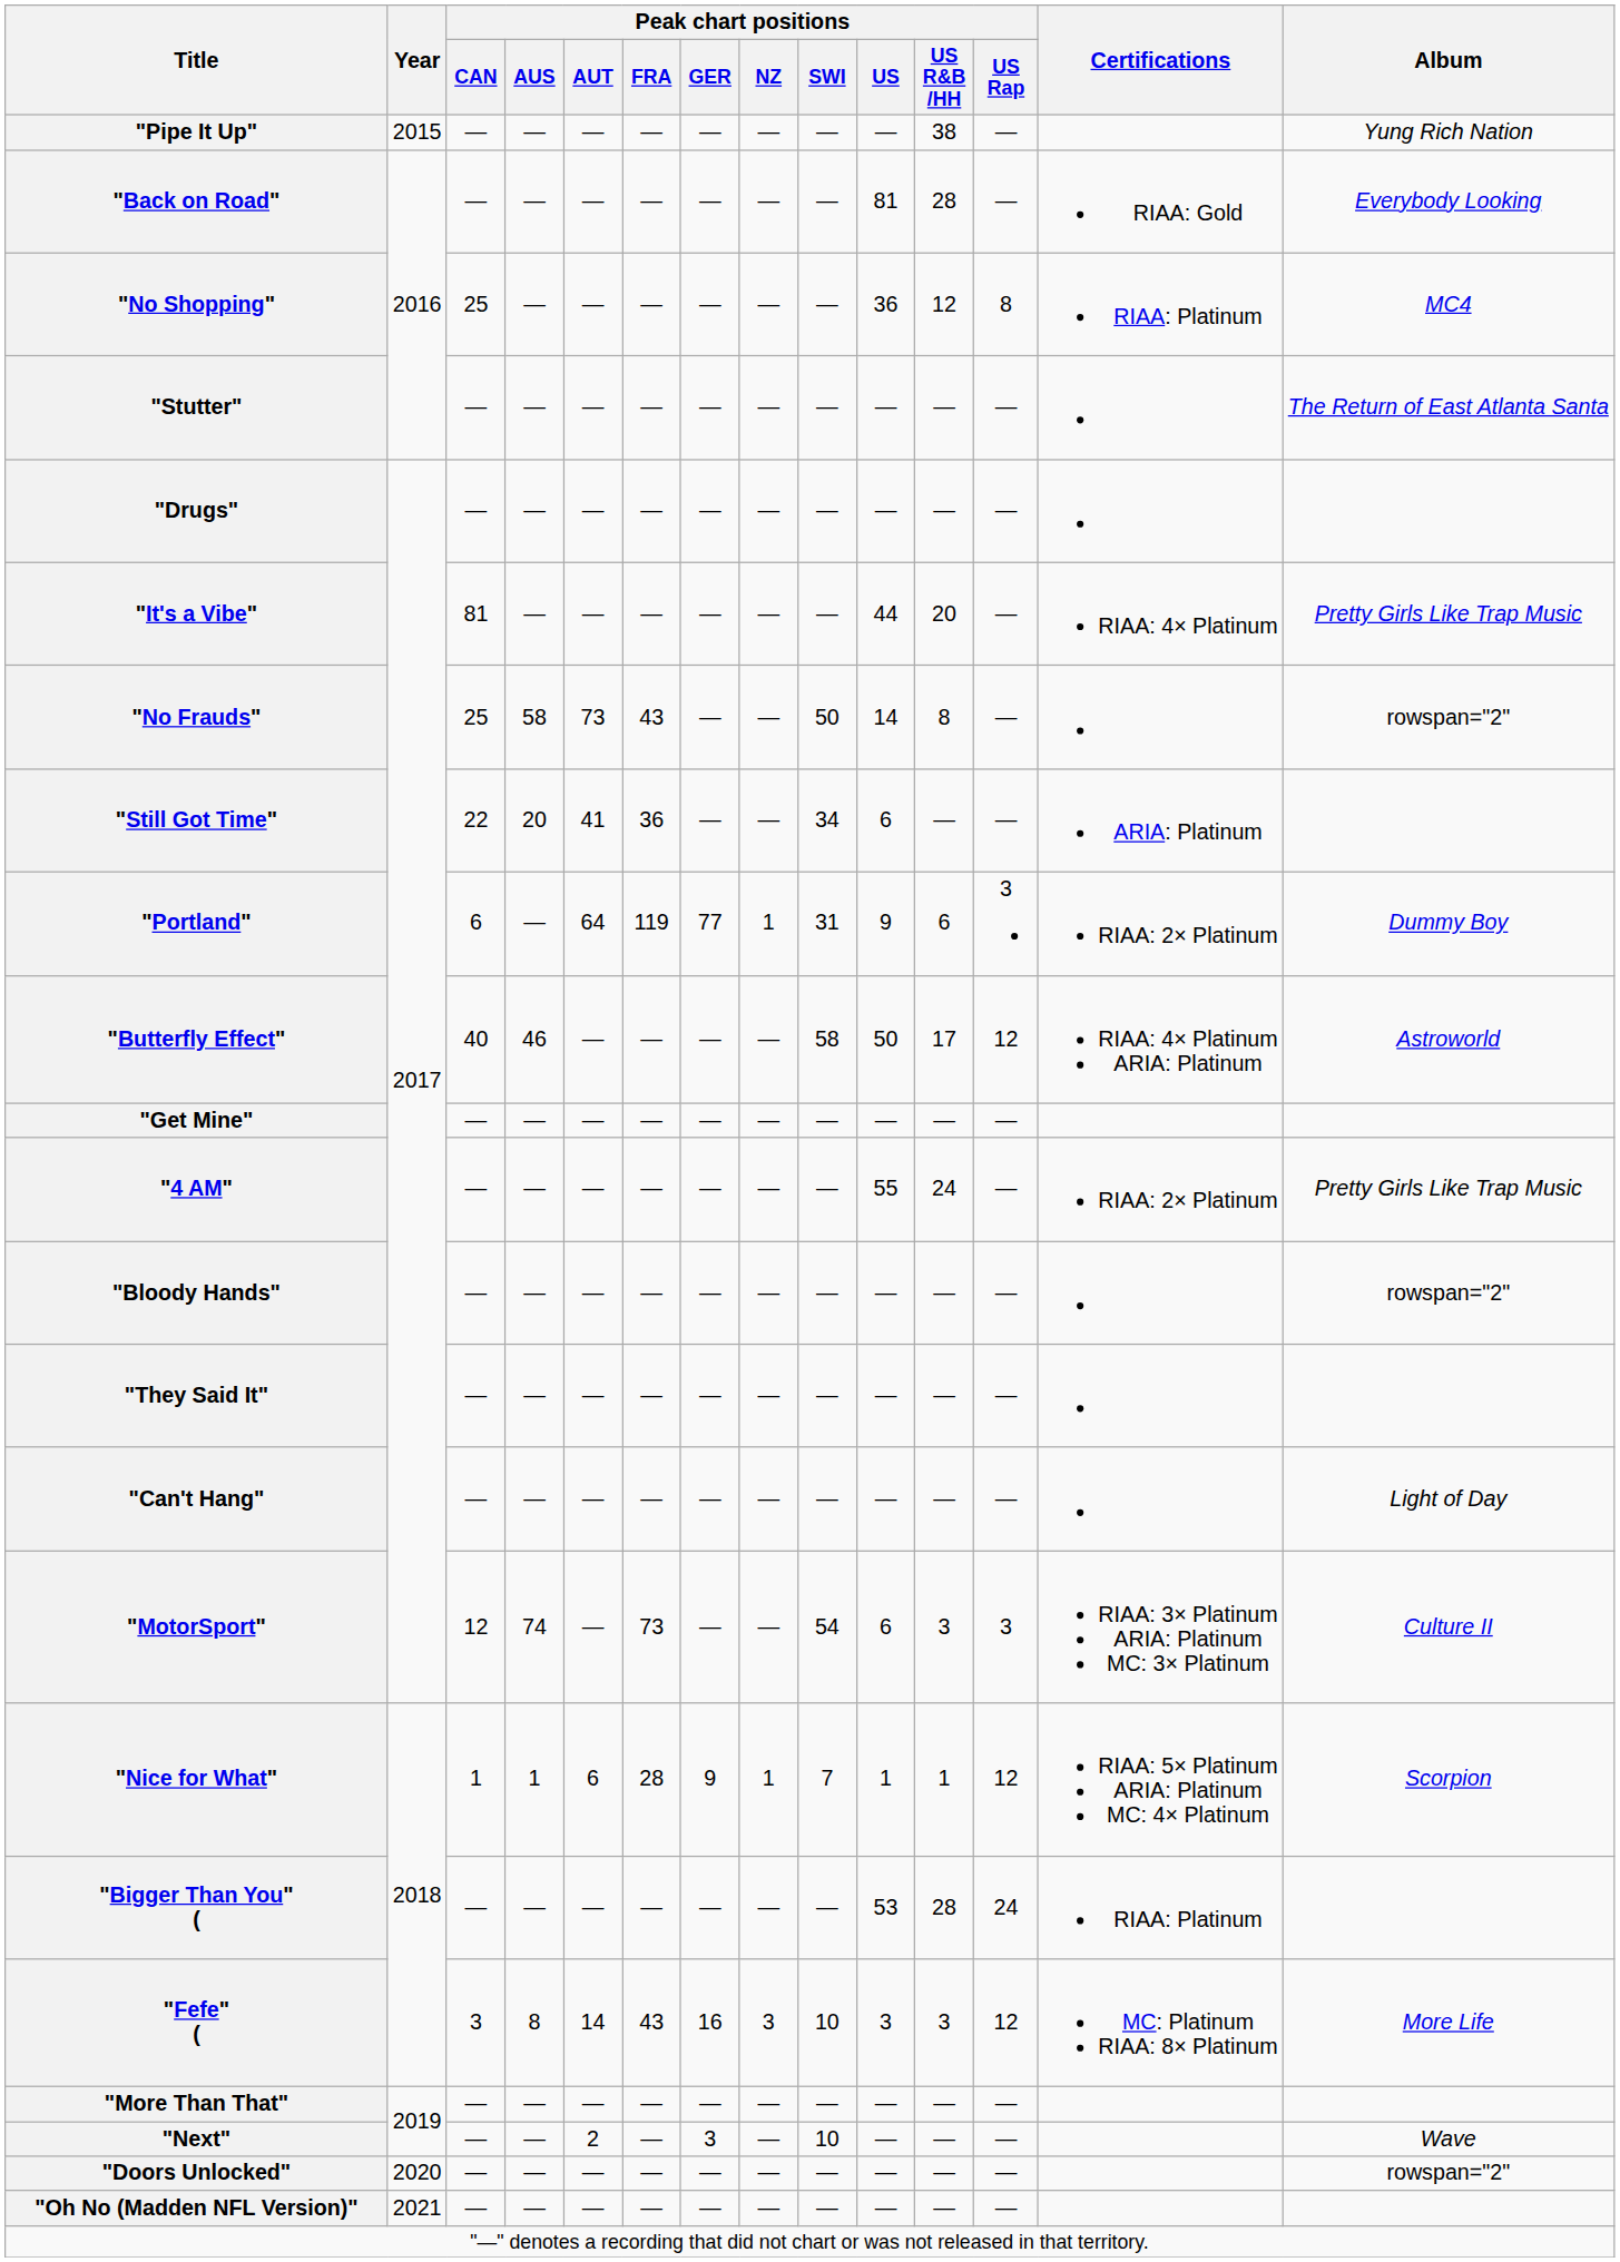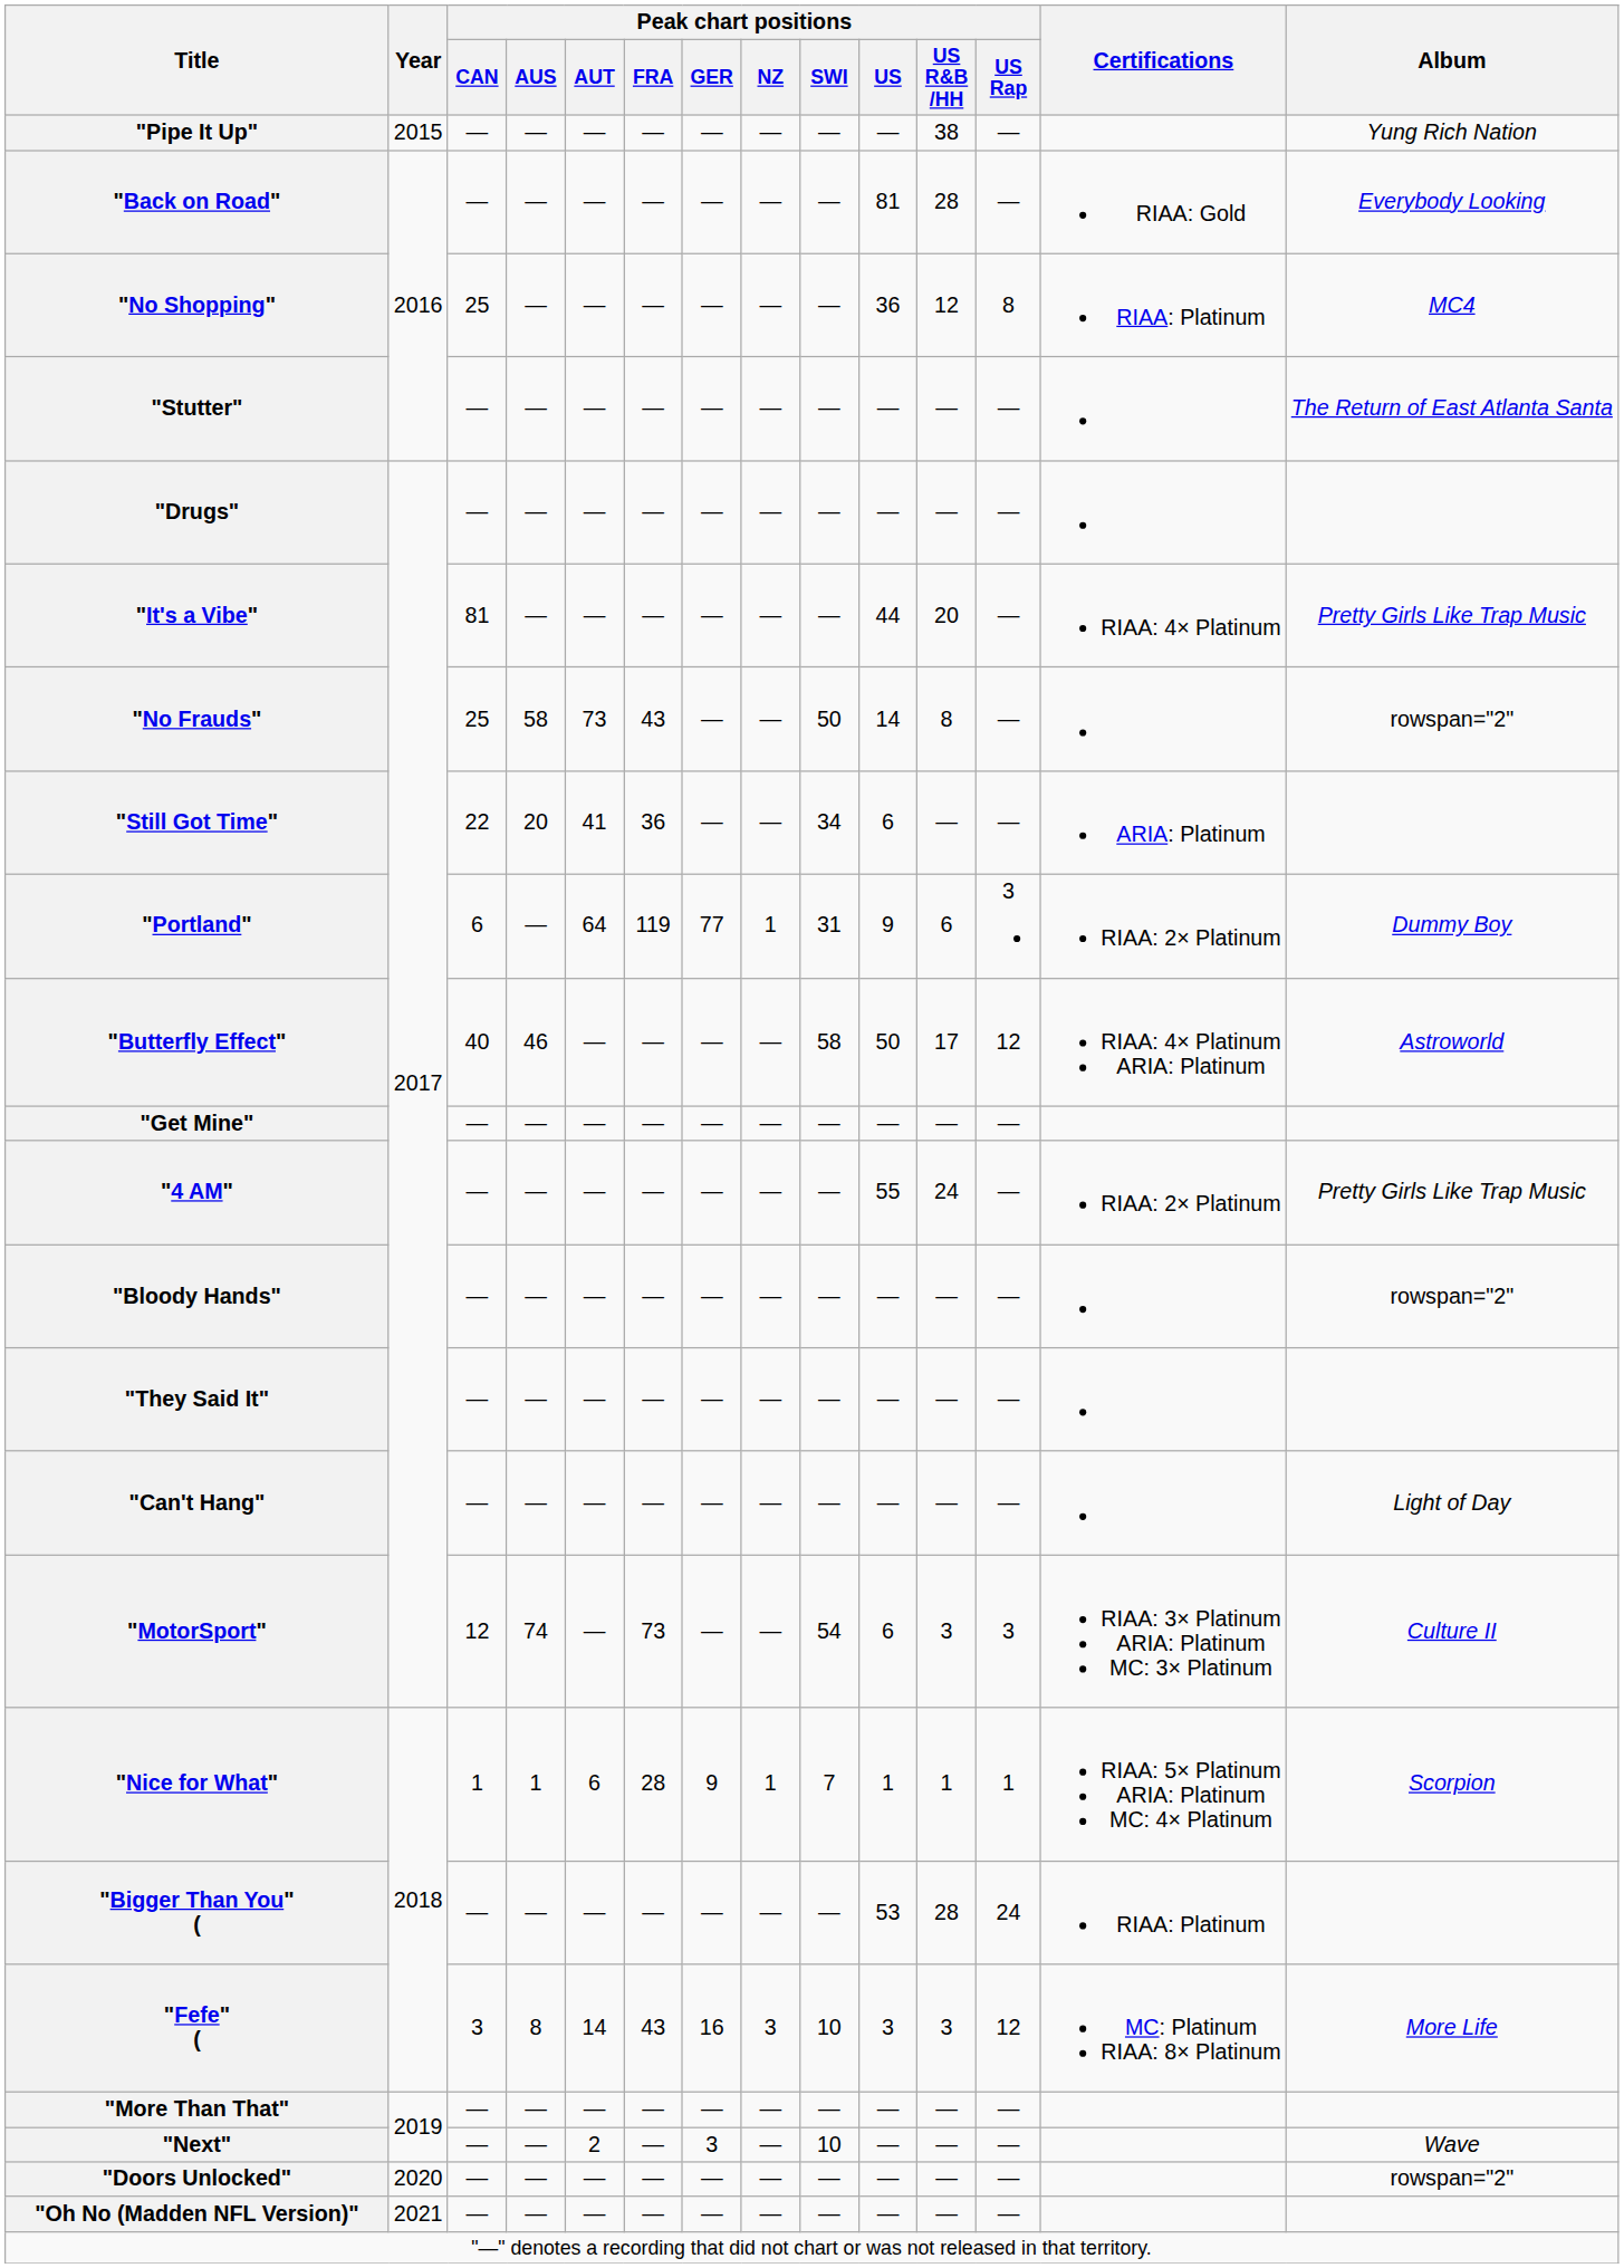 <table class="wikitable plainrowheaders" style="text-align:center;">
 <tr>
 <th scope="col" rowspan="2" style="width:17em;">Title</th>
 <th scope="col" rowspan="2" style="width:2em;">Year</th>
 <th scope="col" colspan="10">Peak chart positions</th>
 <th scope="col" rowspan="2"><a href='#'>Certifications</a></th>
 <th scope="col" rowspan="2">Album</th>
 </tr>
 <tr>
 <th style="width:2.5em; font-size:90%"><a href='#'>CAN</a><br></th>
 <th style="width:2.5em; font-size:90%"><a href='#'>AUS</a><br></th>
 <th style="width:2.5em; font-size:90%"><a href='#'>AUT</a><br></th>
 <th style="width:2.5em; font-size:90%"><a href='#'>FRA</a><br></th>
 <th style="width:2.5em; font-size:90%"><a href='#'>GER</a><br></th>
 <th style="width:2.5em; font-size:90%"><a href='#'>NZ</a><br></th>
 <th style="width:2.5em; font-size:90%"><a href='#'>SWI</a><br></th>
 <th style="width:2.5em; font-size:90%"><a href='#'>US</a><br></th>
 <th style="width:2.5em; font-size:90%"><a href='#'>US<br>R&B<br>/HH</a><br></th>
 <th style="width:2.5em; font-size:90%"><a href='#'>US<br>Rap</a><br></th>
 </tr>
 <tr>
 <th scope="row">"Pipe It Up"<br></th>
 <td>2015</td>
 <td>—</td>
 <td>—</td>
 <td>—</td>
 <td>—</td>
 <td>—</td>
 <td>—</td>
 <td>—</td>
 <td>—</td>
 <td>38</td>
 <td>—</td>
 <td></td>
 <td><em>Yung Rich Nation</em></td>
 </tr>
 <tr>
 <th scope="row">"<a href='#'>Back on Road</a>"<br></th>
 <td rowspan="3">2016</td>
 <td>—</td>
 <td>—</td>
 <td>—</td>
 <td>—</td>
 <td>—</td>
 <td>—</td>
 <td>—</td>
 <td>81</td>
 <td>28</td>
 <td>—</td>
 <td><br><ul><li>RIAA: Gold</li></ul></td>
 <td><em><a href='#'>Everybody Looking</a></em></td>
 </tr>
 <tr>
 <th scope="row">"<a href='#'>No Shopping</a>"<br></th>
 <td>25</td>
 <td>—</td>
 <td>—</td>
 <td>—</td>
 <td>—</td>
 <td>—</td>
 <td>—</td>
 <td>36</td>
 <td>12</td>
 <td>8</td>
 <td><br><ul><li><a href='#'>RIAA</a>: Platinum</li></ul></td>
 <td><em><a href='#'>MC4</a></em></td>
 </tr>
 <tr>
 <th scope="row">"Stutter"<br></th>
 <td>—</td>
 <td>—</td>
 <td>—</td>
 <td>—</td>
 <td>—</td>
 <td>—</td>
 <td>—</td>
 <td>—</td>
 <td>—</td>
 <td>—</td>
 <td><br><ul><li></li></ul></td>
 <td><em><a href='#'>The Return of East Atlanta Santa</a></em></td>
 </tr>
 <tr>
 <th scope="row">"Drugs"<br></th>
 <td rowspan="12">2017</td>
 <td>—</td>
 <td>—</td>
 <td>—</td>
 <td>—</td>
 <td>—</td>
 <td>—</td>
 <td>—</td>
 <td>—</td>
 <td>—</td>
 <td>—</td>
 <td><br><ul><li></li></ul></td>
 <td></td>
 </tr>
 <tr>
 <th scope="row">"<a href='#'>It's a Vibe</a>"<br></th>
 <td>81</td>
 <td>—</td>
 <td>—</td>
 <td>—</td>
 <td>—</td>
 <td>—</td>
 <td>—</td>
 <td>44</td>
 <td>20</td>
 <td>—</td>
 <td><br><ul><li>RIAA: 4× Platinum</li></ul></td>
 <td><em><a href='#'>Pretty Girls Like Trap Music</a></em></td>
 </tr>
 <tr>
 <th scope="row">"<a href='#'>No Frauds</a>"<br></th>
 <td>25</td>
 <td>58</td>
 <td>73</td>
 <td>43</td>
 <td>—</td>
 <td>—</td>
 <td>50</td>
 <td>14</td>
 <td>8</td>
 <td>—</td>
 <td><br><ul><li></li></ul></td>
 <td>rowspan="2" </td>
 </tr>
 <tr>
 <th scope="row">"<a href='#'>Still Got Time</a>"<br></th>
 <td>22</td>
 <td>20</td>
 <td>41</td>
 <td>36</td>
 <td>—</td>
 <td>—</td>
 <td>34</td>
 <td>6</td>
 <td>—</td>
 <td>—</td>
 <td><br><ul><li><a href='#'>ARIA</a>: Platinum</li></ul></td>
 </tr>
 <tr>
 <th scope="row">"<a href='#'>Portland</a>"<br></th>
 <td>6</td>
 <td>—</td>
 <td>64</td>
 <td>119</td>
 <td>77</td>
 <td>1</td>
 <td>31</td>
 <td>9</td>
 <td>6</td>
 <td>3<br><ul><li></li></ul></td>
 <td><br><ul><li>RIAA: 2× Platinum</li></ul></td>
 <td><em><a href='#'>Dummy Boy</a></em></td>
 </tr>
 <tr>
 <th scope="row">"<a href='#'>Butterfly Effect</a>"<br></th>
 <td>40</td>
 <td>46</td>
 <td>—</td>
 <td>—</td>
 <td>—</td>
 <td>—</td>
 <td>58</td>
 <td>50</td>
 <td>17</td>
 <td>12</td>
 <td><br><ul><li>RIAA: 4× Platinum</li><li>ARIA: Platinum</li></ul></td>
 <td><em><a href='#'>Astroworld</a></em></td>
 </tr>
 <tr>
 <th scope="row">"Get Mine"<br></th>
 <td>—</td>
 <td>—</td>
 <td>—</td>
 <td>—</td>
 <td>—</td>
 <td>—</td>
 <td>—</td>
 <td>—</td>
 <td>—</td>
 <td>—</td>
 <td></td>
 <td></td>
 </tr>
 <tr>
 <th scope="row">"<a href='#'>4 AM</a>"<br></th>
 <td>—</td>
 <td>—</td>
 <td>—</td>
 <td>—</td>
 <td>—</td>
 <td>—</td>
 <td>—</td>
 <td>55</td>
 <td>24</td>
 <td>—</td>
 <td><br><ul><li>RIAA: 2× Platinum</li></ul></td>
 <td><em>Pretty Girls Like Trap Music</em></td>
 </tr>
 <tr>
 <th scope="row">"Bloody Hands"<br></th>
 <td>—</td>
 <td>—</td>
 <td>—</td>
 <td>—</td>
 <td>—</td>
 <td>—</td>
 <td>—</td>
 <td>—</td>
 <td>—</td>
 <td>—</td>
 <td><br><ul><li></li></ul></td>
 <td>rowspan="2" </td>
 </tr>
 <tr>
 <th scope="row">"They Said It"<br></th>
 <td>—</td>
 <td>—</td>
 <td>—</td>
 <td>—</td>
 <td>—</td>
 <td>—</td>
 <td>—</td>
 <td>—</td>
 <td>—</td>
 <td>—</td>
 <td><br><ul><li></li></ul></td>
 </tr>
 <tr>
 <th scope="row">"Can't Hang"<br></th>
 <td>—</td>
 <td>—</td>
 <td>—</td>
 <td>—</td>
 <td>—</td>
 <td>—</td>
 <td>—</td>
 <td>—</td>
 <td>—</td>
 <td>—</td>
 <td><br><ul><li></li></ul></td>
 <td><em>Light of Day</em></td>
 </tr>
 <tr>
 <th scope="row">"<a href='#'>MotorSport</a>"<br></th>
 <td>12</td>
 <td>74</td>
 <td>—</td>
 <td>73</td>
 <td>—</td>
 <td>—</td>
 <td>54</td>
 <td>6</td>
 <td>3</td>
 <td>3</td>
 <td><br><ul><li>RIAA: 3× Platinum</li><li>ARIA: Platinum</li><li>MC: 3× Platinum</li></ul></td>
 <td><em><a href='#'>Culture II</a></em></td>
 </tr>
 <tr>
 <th scope="row">"<a href='#'>Nice for What</a>"<br></th>
 <td rowspan="3">2018</td>
 <td>1</td>
 <td>1</td>
 <td>6</td>
 <td>28</td>
 <td>9</td>
 <td>1</td>
 <td>7</td>
 <td>1</td>
 <td>1</td>
-<td>12</td>
+<td>1</td>
 <td><br><ul><li>RIAA: 5× Platinum</li><li>ARIA: Platinum</li><li>MC: 4× Platinum</li></ul></td>
 <td><em><a href='#'>Scorpion</a></em></td>
 </tr>
 <tr>
 <th scope="row">"<a href='#'>Bigger Than You</a>"<br>(</th>
 <td>—</td>
 <td>—</td>
 <td>—</td>
 <td>—</td>
 <td>—</td>
 <td>—</td>
 <td>—</td>
 <td>53</td>
 <td>28</td>
 <td>24</td>
 <td><br><ul><li>RIAA: Platinum</li></ul></td>
 <td></td>
 </tr>
 <tr>
 <th scope="row">"<a href='#'>Fefe</a>"<br>(</th>
 <td>3</td>
 <td>8</td>
 <td>14</td>
 <td>43</td>
 <td>16</td>
 <td>3</td>
 <td>10</td>
 <td>3</td>
 <td>3</td>
 <td>12</td>
 <td><br><ul><li><a href='#'>MC</a>: Platinum</li><li>RIAA: 8× Platinum</li></ul></td>
 <td><em><a href='#'>More Life</a></em></td>
 </tr>
 <tr>
 <th scope="row">"More Than That"<br></th>
 <td rowspan="2">2019</td>
 <td>—</td>
 <td>—</td>
 <td>—</td>
 <td>—</td>
 <td>—</td>
 <td>—</td>
 <td>—</td>
 <td>—</td>
 <td>—</td>
 <td>—</td>
 <td></td>
 <td></td>
 </tr>
 <tr>
 <th scope="row">"Next"<br></th>
 <td>—</td>
 <td>—</td>
 <td>2</td>
 <td>—</td>
 <td>3</td>
 <td>—</td>
 <td>10</td>
 <td>—</td>
 <td>—</td>
 <td>—</td>
 <td></td>
 <td><em>Wave</em></td>
 </tr>
 <tr>
 <th scope="row">"Doors Unlocked"<br></th>
 <td>2020</td>
 <td>—</td>
 <td>—</td>
 <td>—</td>
 <td>—</td>
 <td>—</td>
 <td>—</td>
 <td>—</td>
 <td>—</td>
 <td>—</td>
 <td>—</td>
 <td></td>
 <td>rowspan="2" </td>
 </tr>
 <tr>
 <th scope="row">"Oh No (Madden NFL Version)"<br></th>
 <td>2021</td>
 <td>—</td>
 <td>—</td>
 <td>—</td>
 <td>—</td>
 <td>—</td>
 <td>—</td>
 <td>—</td>
 <td>—</td>
 <td>—</td>
 <td>—</td>
 <td></td>
 </tr>
 <tr>
 <td colspan="14" style="font-size:90%">"—" denotes a recording that did not chart or was not released in that territory.</td>
 </tr>
 </table>
